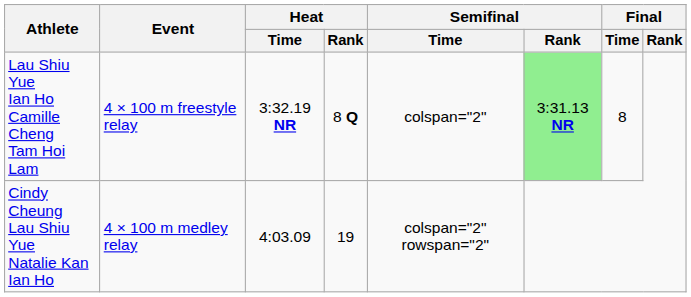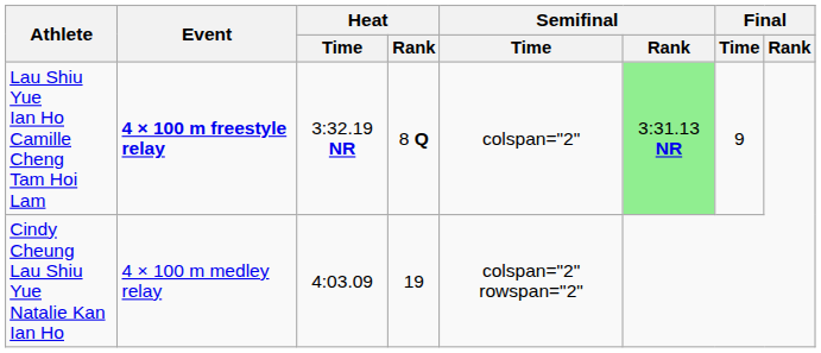 <table class="wikitable" style="text-align:center; font-size:90%; width:50%;">
 <tr>
 <th rowspan="2">Athlete</th>
 <th rowspan="2">Event</th>
 <th colspan="2">Heat</th>
 <th colspan="2">Semifinal</th>
 <th colspan="2">Final</th>
 </tr>
 <tr style="font-size:95%">
 <th>Time</th>
 <th>Rank</th>
 <th>Time</th>
 <th>Rank</th>
 <th>Time</th>
 <th>Rank</th>
 </tr>
 <tr>
 <td align=left><a href='#'>Lau Shiu Yue</a> <br><a href='#'>Ian Ho</a> <br><a href='#'>Camille Cheng</a> <br><a href='#'>Tam Hoi Lam</a></td>
-<td align=left><a href='#'>4 × 100 m freestyle relay</a></td>
+<td align=left><strong><a href='#'>4 × 100 m freestyle relay</a></strong></td>
 <td>3:32.19 <strong><a href='#'>NR</a></strong></td>
 <td>8 <strong>Q</strong></td>
 <td>colspan="2"  </td>
 <td style="background: lightgreen;">3:31.13 <strong><a href='#'>NR</a></strong></td>
-<td>8</td>
+<td>9</td>
 </tr>
 <tr>
 <td align=left><a href='#'>Cindy Cheung</a> <br><a href='#'>Lau Shiu Yue</a> <br><a href='#'>Natalie Kan</a><br><a href='#'>Ian Ho</a></td>
 <td align=left><a href='#'>4 × 100 m medley relay</a></td>
 <td>4:03.09</td>
 <td>19</td>
 <td>colspan="2" rowspan="2"</td>
 </tr>
 </table>
